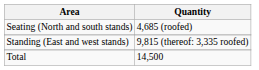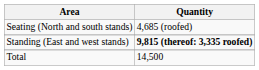 <table class="wikitable">
 <tr style="background:#ddd">
 <th>Area</th>
 <th>Quantity</th>
 </tr>
 <tr>
 <td>Seating (North and south stands)</td>
 <td>4,685 (roofed)</td>
 </tr>
 <tr style="background:#eee">
 </tr>
 <tr>
 <td>Standing (East and west stands)</td>
-<td>9,815  (thereof: 3,335 roofed)</td>
+<td><strong>9,815  (thereof: 3,335 roofed)</strong></td>
 </tr>
 <tr style="background:#eee">
 </tr>
 <tr>
 <td>Total</td>
 <td>14,500</td>
 </tr>
 </table>
